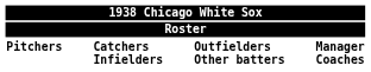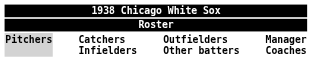 <table class="toccolours" style="font-size: 95%;">
 <tr>
 <th colspan="10" style="background-color: black; color: white; text-align: center;">1938 Chicago White Sox</th>
 </tr>
 <tr>
 <td colspan="10" style="background-color: black; color: white; text-align: center;"><strong>Roster</strong></td>
 </tr>
 <tr>
-<td valign="top"><strong>Pitchers</strong><br>              </td>
+<td valign="top" style="background: lightgrey;"><strong>Pitchers</strong><br>              </td>
 <td width="25px"></td>
 <td valign="top"><strong>Catchers</strong><br>    <strong>Infielders</strong>           </td>
 <td width="25px"></td>
 <td valign="top"><strong>Outfielders</strong><br>     <strong>Other batters</strong> </td>
 <td width="25px"></td>
 <td valign="top"><strong>Manager</strong><br> <strong>Coaches</strong>   </td>
 </tr>
 </table>
